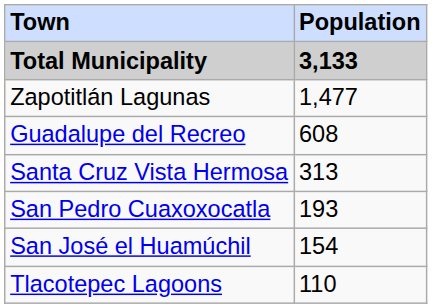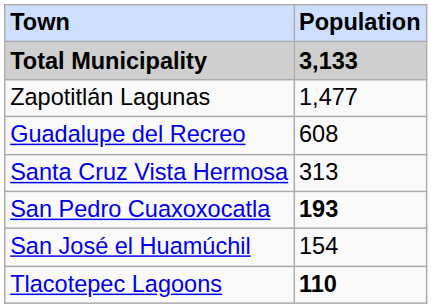 <table class = "wikitable">
 <tr style="background: #cddeff; color: # 000000;">
 <td><strong>Town</strong></td>
 <td><strong>Population</strong></td>
 </tr>
 <tr style="background: #CFCFCF;">
 <td><strong>Total Municipality</strong></td>
 <td><strong>3,133</strong></td>
 </tr>
 <tr>
 <td>Zapotitlán Lagunas</td>
 <td>1,477</td>
 </tr>
 <tr>
 <td><a href='#'>Guadalupe del Recreo</a></td>
 <td>608</td>
 </tr>
 <tr>
 <td><a href='#'>Santa Cruz Vista Hermosa</a></td>
 <td>313</td>
 </tr>
 <tr>
 <td><a href='#'>San Pedro Cuaxoxocatla</a></td>
-<td>193</td>
+<td><strong>193</strong></td>
 </tr>
 <tr>
 <td><a href='#'>San José el Huamúchil</a></td>
 <td>154</td>
 </tr>
 <tr>
 <td><a href='#'>Tlacotepec Lagoons</a></td>
-<td>110</td>
+<td><strong>110</strong></td>
 </tr>
 </table>
